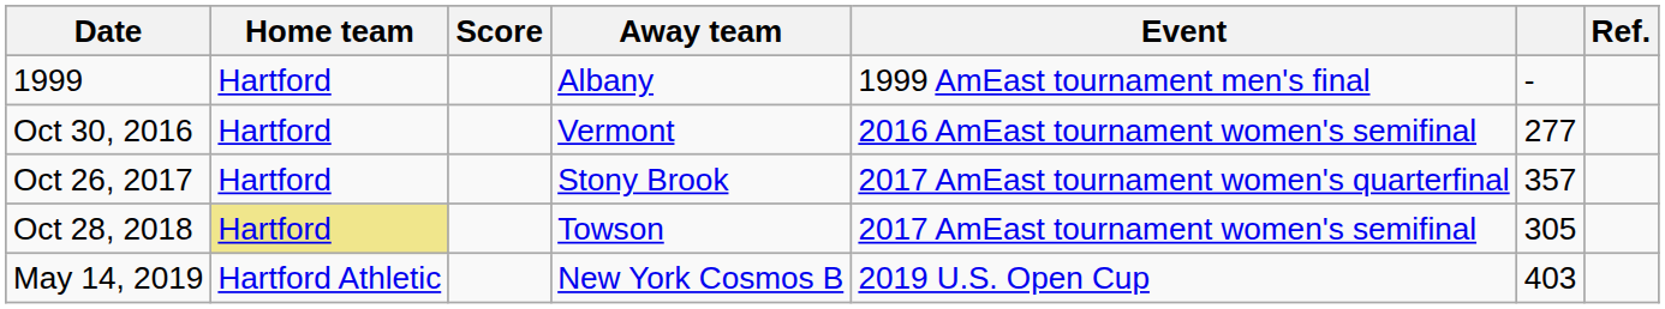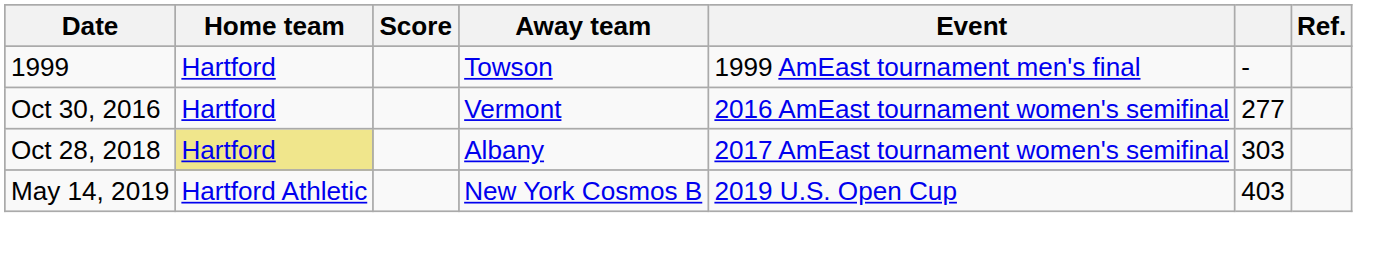 <table class="wikitable"; style="font-size:95%">
 <tr>
 <th>Date</th>
 <th>Home team</th>
 <th>Score</th>
 <th>Away team</th>
 <th>Event</th>
 <th></th>
 <th>Ref.</th>
 </tr>
 <tr>
 <td>1999</td>
 <td><a href='#'>Hartford</a></td>
 <td></td>
-<td><a href='#'>Albany</a></td>
+<td><a href='#'>Towson</a></td>
 <td>1999 <a href='#'>AmEast tournament men's final</a></td>
 <td>-</td>
 <td></td>
 </tr>
 <tr>
 <td>Oct 30, 2016</td>
 <td><a href='#'>Hartford</a></td>
 <td></td>
 <td><a href='#'>Vermont</a></td>
 <td><a href='#'>2016 AmEast tournament women's semifinal</a></td>
 <td>277</td>
 <td></td>
 </tr>
 <tr>
-<td>Oct 26, 2017</td>
-<td><a href='#'>Hartford</a></td>
-<td></td>
-<td><a href='#'>Stony Brook</a></td>
-<td><a href='#'>2017 AmEast tournament women's quarterfinal</a></td>
-<td>357</td>
-<td></td>
-</tr>
-<tr>
 <td>Oct 28, 2018</td>
 <td style="background: khaki;"><a href='#'>Hartford</a></td>
 <td></td>
-<td><a href='#'>Towson</a></td>
+<td><a href='#'>Albany</a></td>
 <td><a href='#'>2017 AmEast tournament women's semifinal</a></td>
-<td>305</td>
+<td>303</td>
 <td></td>
 </tr>
 <tr>
 <td>May 14, 2019</td>
 <td><a href='#'>Hartford Athletic</a> </td>
 <td></td>
 <td> <a href='#'>New York Cosmos B</a></td>
 <td><a href='#'>2019 U.S. Open Cup</a></td>
 <td>403</td>
 <td></td>
 </tr>
 </table>
